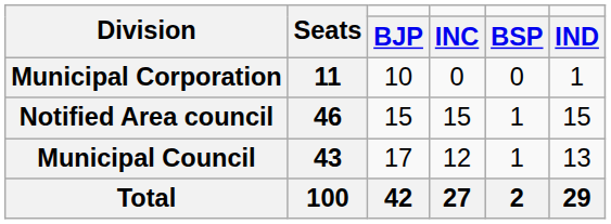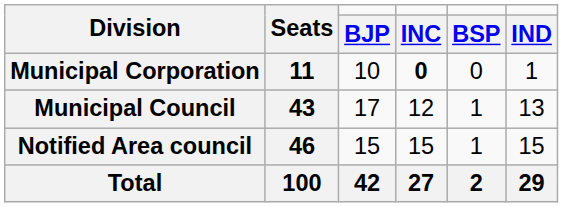 <table class="wikitable" style="text-align:center;">
 <tr>
 <th rowspan="2">Division</th>
 <th rowspan="2">Seats</th>
 <td></td>
 <td></td>
 <td></td>
 <td></td>
 </tr>
 <tr>
 <th><a href='#'>BJP</a></th>
 <th><a href='#'>INC</a></th>
 <th><a href='#'>BSP</a></th>
 <th><a href='#'>IND</a></th>
 </tr>
 <tr>
 <th>Municipal Corporation</th>
 <th>11</th>
 <td style="text-align:center;" style="background:">10</td>
-<td style="text-align:center;">0</td>
+<td style="text-align:center;"><strong>0</strong></td>
 <td style="text-align:center;">0</td>
 <td style="text-align:center;">1</td>
+</tr>
+<tr>
+<th>Municipal Council</th>
+<th>43</th>
+<td style="text-align:center;" style="background:">17</td>
+<td style="text-align:center;">12</td>
+<td style="text-align:center;">1</td>
+<td style="text-align:center;">13</td>
 </tr>
 <tr>
 <th>Notified Area council</th>
 <th>46</th>
 <td style="text-align:center;">15</td>
 <td style="text-align:center;">15</td>
 <td style="text-align:center;">1</td>
 <td style="text-align:center;">15</td>
 </tr>
 <tr>
-<th>Municipal Council</th>
-<th>43</th>
-<td style="text-align:center;" style="background:">17</td>
-<td style="text-align:center;">12</td>
-<td style="text-align:center;">1</td>
-<td style="text-align:center;">13</td>
-</tr>
-<tr>
 <th>Total</th>
 <th>100</th>
 <th style="background:">42</th>
 <th>27</th>
 <th>2</th>
 <th>29</th>
 </tr>
 </table>
